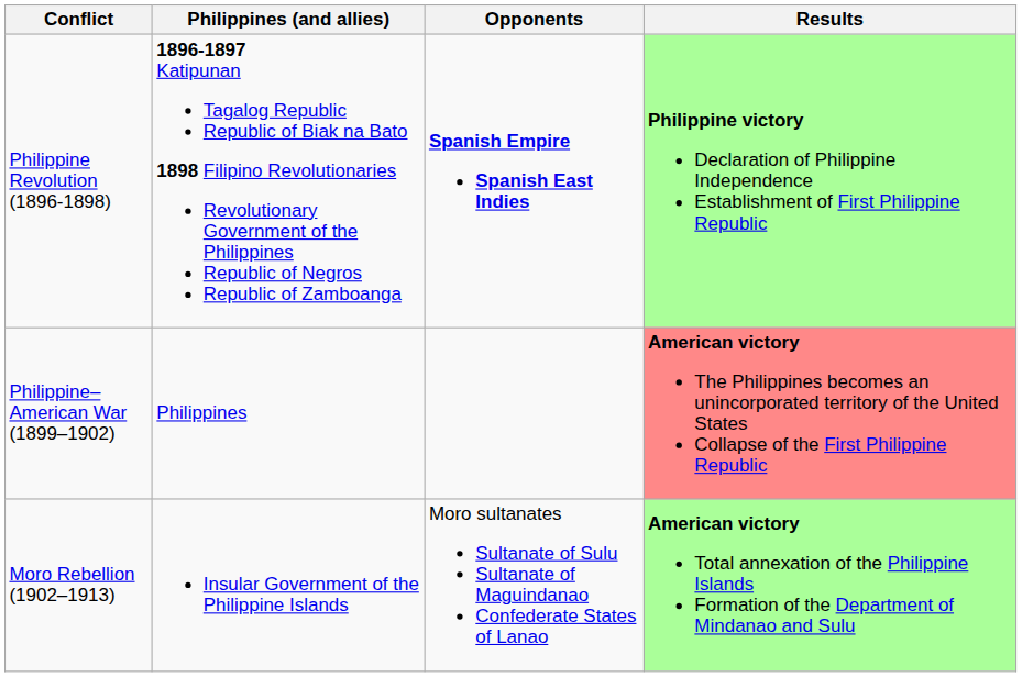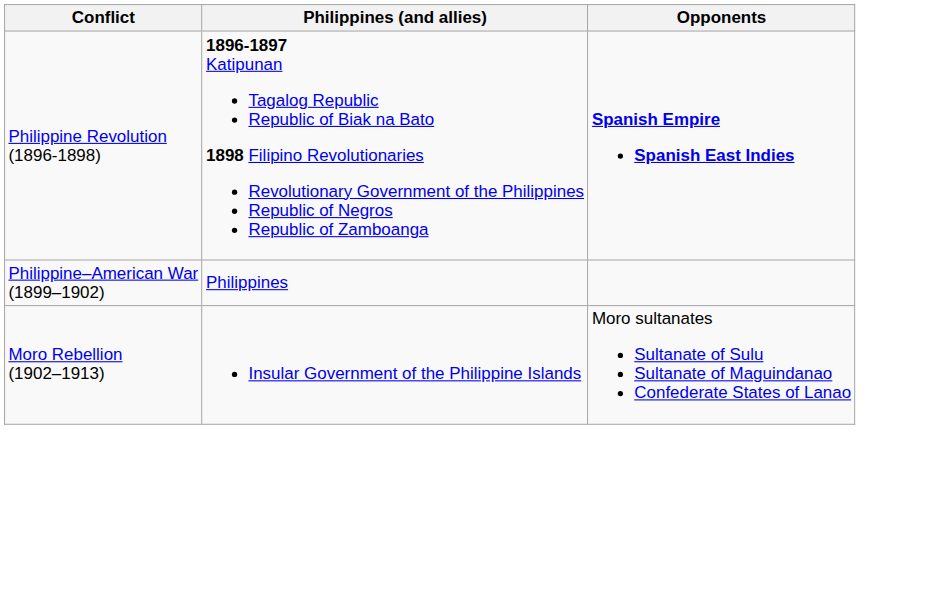 <table class="wikitable">
 <tr>
 <th scope="col">Conflict</th>
 <th scope="col">Philippines (and allies)</th>
 <th scope="col">Opponents</th>
-<th scope="col">Results</th>
 </tr>
 <tr>
 <td><a href='#'>Philippine Revolution</a><br>(1896-1898)</td>
 <td><strong>1896-1897</strong><br> <a href='#'>Katipunan</a><ul><li> <a href='#'>Tagalog Republic</a></li><li> <a href='#'>Republic of Biak na Bato</a></li></ul><strong>1898</strong>  <a href='#'>Filipino Revolutionaries</a><ul><li> <a href='#'>Revolutionary Government of the Philippines</a></li><li> <a href='#'>Republic of Negros</a></li><li><a href='#'>Republic of Zamboanga</a></li></ul></td>
 <td><strong> <a href='#'>Spanish Empire</a><br><ul><li> <a href='#'>Spanish East Indies</a></li></ul></strong></td>
-<td style="Background:#AF9"><strong>Philippine victory</strong><br><ul><li>Declaration of Philippine Independence</li><li>Establishment of <a href='#'>First Philippine Republic</a></li></ul></td>
 </tr>
 <tr>
 <td><a href='#'>Philippine–American War</a><br>(1899–1902)</td>
 <td> <a href='#'>Philippines</a></td>
 <td></td>
-<td style="Background:#F88"><strong>American victory</strong><br><ul><li>The Philippines becomes an unincorporated territory of the United States</li><li>Collapse of the <a href='#'>First Philippine Republic</a></li></ul></td>
 </tr>
 <tr>
 <td><a href='#'>Moro Rebellion</a><br>(1902–1913)</td>
 <td><br><ul><li><a href='#'>Insular Government of the Philippine Islands</a></li></ul></td>
 <td>Moro sultanates<br><ul><li> <a href='#'>Sultanate of Sulu</a></li><li> <a href='#'>Sultanate of Maguindanao</a></li><li><a href='#'>Confederate States of Lanao</a></li></ul></td>
-<td style="Background:#AF9"><strong>American victory</strong><br><ul><li>Total annexation of the <a href='#'>Philippine Islands</a></li><li>Formation of the <a href='#'>Department of Mindanao and Sulu</a></li></ul></td>
 </tr>
 </table>
